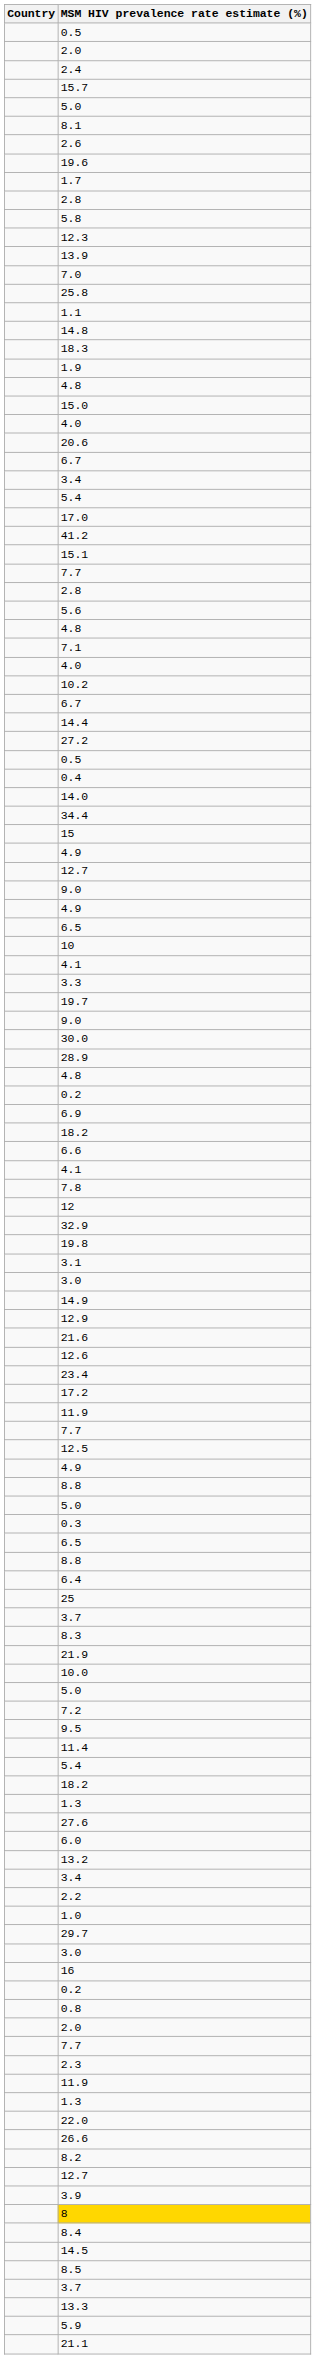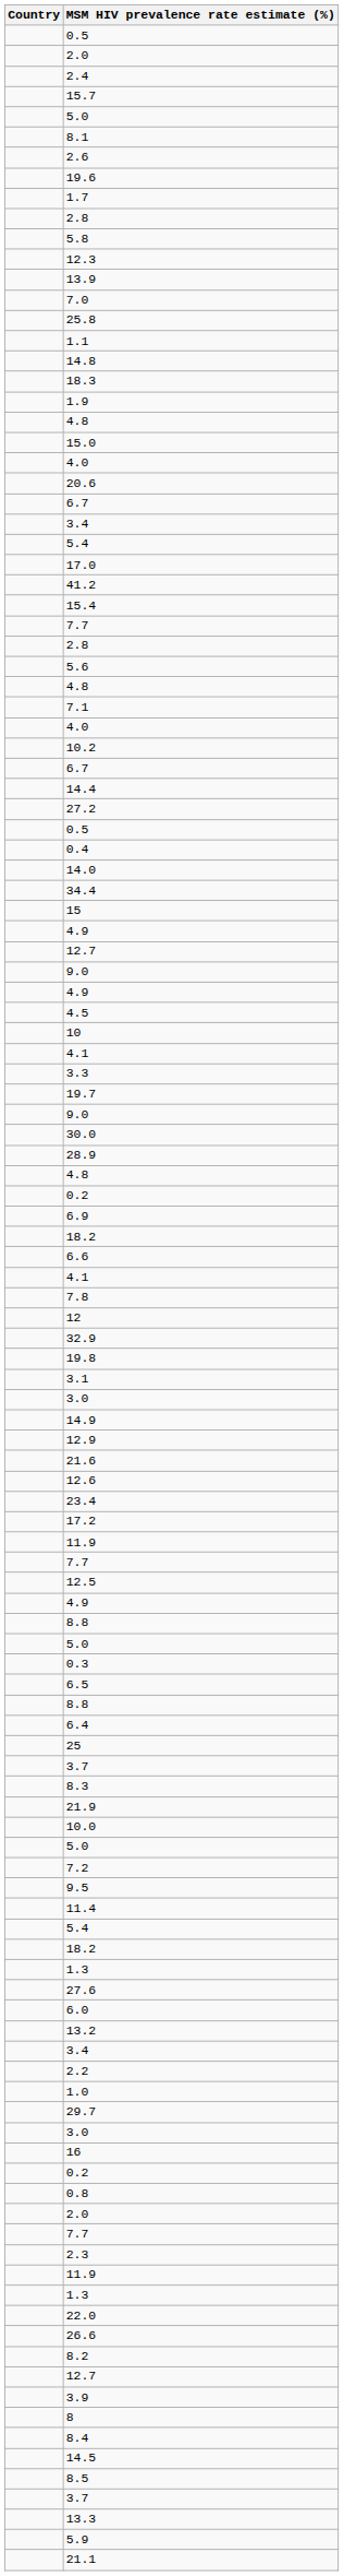 <table class="wikitable sortable">
 <tr>
 <th>Country</th>
 <th>MSM HIV prevalence rate estimate (%)</th>
 </tr>
 <tr>
 <td></td>
 <td>0.5</td>
 </tr>
 <tr>
 <td></td>
 <td>2.0</td>
 </tr>
 <tr>
 <td></td>
 <td>2.4</td>
 </tr>
 <tr>
 <td></td>
 <td>15.7</td>
 </tr>
 <tr>
 <td></td>
 <td>5.0</td>
 </tr>
 <tr>
 <td></td>
 <td>8.1</td>
 </tr>
 <tr>
 <td></td>
 <td>2.6</td>
 </tr>
 <tr>
 <td></td>
 <td>19.6</td>
 </tr>
 <tr>
 <td></td>
 <td>1.7</td>
 </tr>
 <tr>
 <td></td>
 <td>2.8</td>
 </tr>
 <tr>
 <td></td>
 <td>5.8</td>
 </tr>
 <tr>
 <td></td>
 <td>12.3</td>
 </tr>
 <tr>
 <td></td>
 <td>13.9</td>
 </tr>
 <tr>
 <td></td>
 <td>7.0</td>
 </tr>
 <tr>
 <td></td>
 <td>25.8</td>
 </tr>
 <tr>
 <td></td>
 <td>1.1</td>
 </tr>
 <tr>
 <td></td>
 <td>14.8</td>
 </tr>
 <tr>
 <td></td>
 <td>18.3</td>
 </tr>
 <tr>
 <td></td>
 <td>1.9</td>
 </tr>
 <tr>
 <td></td>
 <td>4.8</td>
 </tr>
 <tr>
 <td></td>
 <td>15.0</td>
 </tr>
 <tr>
 <td></td>
 <td>4.0</td>
 </tr>
 <tr>
 <td></td>
 <td>20.6</td>
 </tr>
 <tr>
 <td></td>
 <td>6.7</td>
 </tr>
 <tr>
 <td></td>
 <td>3.4</td>
 </tr>
 <tr>
 <td></td>
 <td>5.4</td>
 </tr>
 <tr>
 <td></td>
 <td>17.0</td>
 </tr>
 <tr>
 <td></td>
 <td>41.2</td>
 </tr>
 <tr>
 <td></td>
-<td>15.1</td>
+<td>15.4</td>
 </tr>
 <tr>
 <td></td>
 <td>7.7</td>
 </tr>
 <tr>
 <td></td>
 <td>2.8</td>
 </tr>
 <tr>
 <td></td>
 <td>5.6</td>
 </tr>
 <tr>
 <td></td>
 <td>4.8</td>
 </tr>
 <tr>
 <td></td>
 <td>7.1</td>
 </tr>
 <tr>
 <td></td>
 <td>4.0</td>
 </tr>
 <tr>
 <td></td>
 <td>10.2</td>
 </tr>
 <tr>
 <td></td>
 <td>6.7</td>
 </tr>
 <tr>
 <td></td>
 <td>14.4</td>
 </tr>
 <tr>
 <td></td>
 <td>27.2</td>
 </tr>
 <tr>
 <td></td>
 <td>0.5</td>
 </tr>
 <tr>
 <td></td>
 <td>0.4</td>
 </tr>
 <tr>
 <td></td>
 <td>14.0</td>
 </tr>
 <tr>
 <td></td>
 <td>34.4</td>
 </tr>
 <tr>
 <td></td>
 <td>15</td>
 </tr>
 <tr>
 <td></td>
 <td>4.9</td>
 </tr>
 <tr>
 <td></td>
 <td>12.7</td>
 </tr>
 <tr>
 <td></td>
 <td>9.0</td>
 </tr>
 <tr>
 <td></td>
 <td>4.9</td>
 </tr>
 <tr>
 <td></td>
-<td>6.5</td>
+<td>4.5</td>
 </tr>
 <tr>
 <td></td>
 <td>10</td>
 </tr>
 <tr>
 <td></td>
 <td>4.1</td>
 </tr>
 <tr>
 <td></td>
 <td>3.3</td>
 </tr>
 <tr>
 <td></td>
 <td>19.7</td>
 </tr>
 <tr>
 <td></td>
 <td>9.0</td>
 </tr>
 <tr>
 <td></td>
 <td>30.0</td>
 </tr>
 <tr>
 <td></td>
 <td>28.9</td>
 </tr>
 <tr>
 <td></td>
 <td>4.8</td>
 </tr>
 <tr>
 <td></td>
 <td>0.2</td>
 </tr>
 <tr>
 <td></td>
 <td>6.9</td>
 </tr>
 <tr>
 <td></td>
 <td>18.2</td>
 </tr>
 <tr>
 <td></td>
 <td>6.6</td>
 </tr>
 <tr>
 <td></td>
 <td>4.1</td>
 </tr>
 <tr>
 <td></td>
 <td>7.8</td>
 </tr>
 <tr>
 <td></td>
 <td>12</td>
 </tr>
 <tr>
 <td></td>
 <td>32.9</td>
 </tr>
 <tr>
 <td></td>
 <td>19.8</td>
 </tr>
 <tr>
 <td></td>
 <td>3.1</td>
 </tr>
 <tr>
 <td></td>
 <td>3.0</td>
 </tr>
 <tr>
 <td></td>
 <td>14.9</td>
 </tr>
 <tr>
 <td></td>
 <td>12.9</td>
 </tr>
 <tr>
 <td></td>
 <td>21.6</td>
 </tr>
 <tr>
 <td></td>
 <td>12.6</td>
 </tr>
 <tr>
 <td></td>
 <td>23.4</td>
 </tr>
 <tr>
 <td></td>
 <td>17.2</td>
 </tr>
 <tr>
 <td></td>
 <td>11.9</td>
 </tr>
 <tr>
 <td></td>
 <td>7.7</td>
 </tr>
 <tr>
 <td></td>
 <td>12.5</td>
 </tr>
 <tr>
 <td></td>
 <td>4.9</td>
 </tr>
 <tr>
 <td></td>
 <td>8.8</td>
 </tr>
 <tr>
 <td></td>
 <td>5.0</td>
 </tr>
 <tr>
 <td></td>
 <td>0.3</td>
 </tr>
 <tr>
 <td></td>
 <td>6.5</td>
 </tr>
 <tr>
 <td></td>
 <td>8.8</td>
 </tr>
 <tr>
 <td></td>
 <td>6.4</td>
 </tr>
 <tr>
 <td></td>
 <td>25</td>
 </tr>
 <tr>
 <td></td>
 <td>3.7</td>
 </tr>
 <tr>
 <td></td>
 <td>8.3</td>
 </tr>
 <tr>
 <td></td>
 <td>21.9</td>
 </tr>
 <tr>
 <td></td>
 <td>10.0</td>
 </tr>
 <tr>
 <td></td>
 <td>5.0</td>
 </tr>
 <tr>
 <td></td>
 <td>7.2</td>
 </tr>
 <tr>
 <td></td>
 <td>9.5</td>
 </tr>
 <tr>
 <td></td>
 <td>11.4</td>
 </tr>
 <tr>
 <td></td>
 <td>5.4</td>
 </tr>
 <tr>
 <td></td>
 <td>18.2</td>
 </tr>
 <tr>
 <td></td>
 <td>1.3</td>
 </tr>
 <tr>
 <td></td>
 <td>27.6</td>
 </tr>
 <tr>
 <td></td>
 <td>6.0</td>
 </tr>
 <tr>
 <td></td>
 <td>13.2</td>
 </tr>
 <tr>
 <td></td>
 <td>3.4</td>
 </tr>
 <tr>
 <td></td>
 <td>2.2</td>
 </tr>
 <tr>
 <td></td>
 <td>1.0</td>
 </tr>
 <tr>
 <td></td>
 <td>29.7</td>
 </tr>
 <tr>
 <td></td>
 <td>3.0</td>
 </tr>
 <tr>
 <td></td>
 <td>16</td>
 </tr>
 <tr>
 <td></td>
 <td>0.2</td>
 </tr>
 <tr>
 <td></td>
 <td>0.8</td>
 </tr>
 <tr>
 <td></td>
 <td>2.0</td>
 </tr>
 <tr>
 <td></td>
 <td>7.7</td>
 </tr>
 <tr>
 <td></td>
 <td>2.3</td>
 </tr>
 <tr>
 <td></td>
 <td>11.9</td>
 </tr>
 <tr>
 <td></td>
 <td>1.3</td>
 </tr>
 <tr>
 <td></td>
 <td>22.0</td>
 </tr>
 <tr>
 <td></td>
 <td>26.6</td>
 </tr>
 <tr>
 <td></td>
 <td>8.2</td>
 </tr>
 <tr>
 <td></td>
 <td>12.7</td>
 </tr>
 <tr>
 <td></td>
 <td>3.9</td>
 </tr>
 <tr>
 <td></td>
-<td style="background: gold;">8</td>
+<td>8</td>
 </tr>
 <tr>
 <td></td>
 <td>8.4</td>
 </tr>
 <tr>
 <td></td>
 <td>14.5</td>
 </tr>
 <tr>
 <td></td>
 <td>8.5</td>
 </tr>
 <tr>
 <td></td>
 <td>3.7</td>
 </tr>
 <tr>
 <td></td>
 <td>13.3</td>
 </tr>
 <tr>
 <td></td>
 <td>5.9</td>
 </tr>
 <tr>
 <td></td>
 <td>21.1</td>
 </tr>
 </table>
